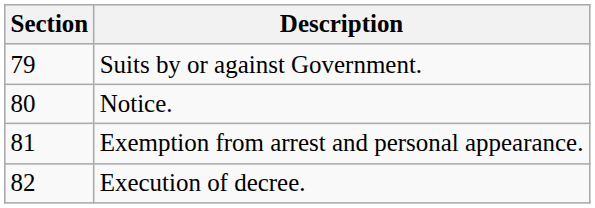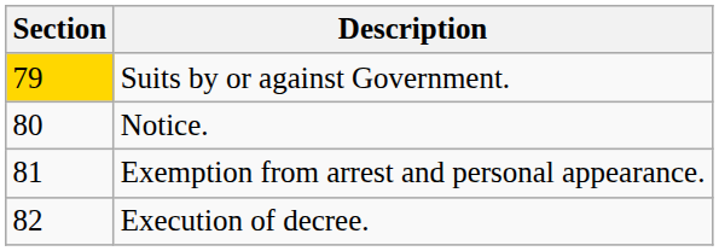 <table class="wikitable">
 <tr>
 <th>Section</th>
 <th>Description</th>
 </tr>
 <tr>
-<td>79</td>
+<td style="background: gold;">79</td>
 <td>Suits by or against Government.</td>
 </tr>
 <tr>
 <td>80</td>
 <td>Notice.</td>
 </tr>
 <tr>
 <td>81</td>
 <td>Exemption from arrest and personal appearance.</td>
 </tr>
 <tr>
 <td>82</td>
 <td>Execution of decree.</td>
 </tr>
 </table>
